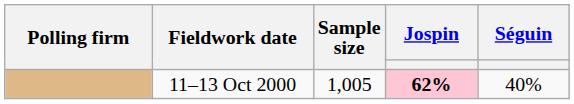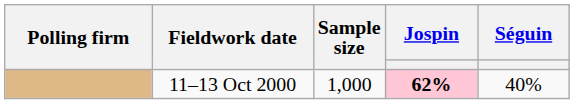 <table class="wikitable sortable" style="text-align:center;font-size:90%;line-height:14px;">
 <tr style="height:40px;">
 <th style="width:100px;" rowspan="2">Polling firm</th>
 <th style="width:110px;" rowspan="2">Fieldwork date</th>
 <th style="width:35px;" rowspan="2">Sample<br>size</th>
 <th class="unsortable" style="width:60px;"><a href='#'>Jospin</a><br></th>
 <th class="unsortable" style="width:60px;"><a href='#'>Séguin</a><br></th>
 </tr>
 <tr>
 <th style="background:"></th>
 <th style="background:"></th>
 </tr>
 <tr>
 <td style="background:burlywood;"></td>
 <td data-sort-value="2000-10-13">11–13 Oct 2000</td>
-<td>1,005</td>
+<td>1,000</td>
 <td style="background:#FFC6D5;"><strong>62%</strong></td>
 <td>40%</td>
 </tr>
 </table>
